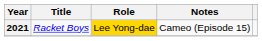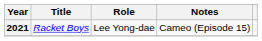 <table class="wikitable sortable plainrowheaders">
 <tr>
 <th scope="col">Year</th>
 <th scope="col">Title</th>
 <th scope="col">Role</th>
 <th scope="col">Notes</th>
 <th scope="col" class="unsortable"></th>
 </tr>
 <tr>
 <th scope="row">2021</th>
 <td><em><a href='#'>Racket Boys</a></em></td>
-<td style="background: gold;">Lee Yong-dae</td>
+<td>Lee Yong-dae</td>
 <td>Cameo (Episode 15)</td>
 <td></td>
 </tr>
 <tr>
 </tr>
 </table>
